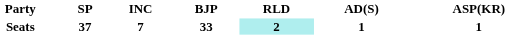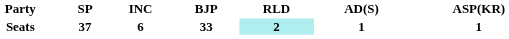 <table style="width:80%; text-align:center;">
 <tr>
 <th><strong>Party</strong></th>
 <td><strong>SP</strong></td>
 <td><strong>INC</strong></td>
 <td><strong>BJP</strong></td>
 <td><strong>RLD</strong></td>
 <td><strong>AD(S)</strong></td>
 <td><strong>ASP(KR)</strong></td>
 </tr>
 <tr>
 <th><strong>Seats</strong></th>
 <td><strong>37</strong></td>
-<td><strong>7</strong></td>
+<td><strong>6</strong></td>
 <td><strong>33</strong></td>
 <td style="background: paleturquoise;"><strong>2</strong></td>
 <td><strong>1</strong></td>
 <td><strong>1</strong></td>
 </tr>
 </table>
